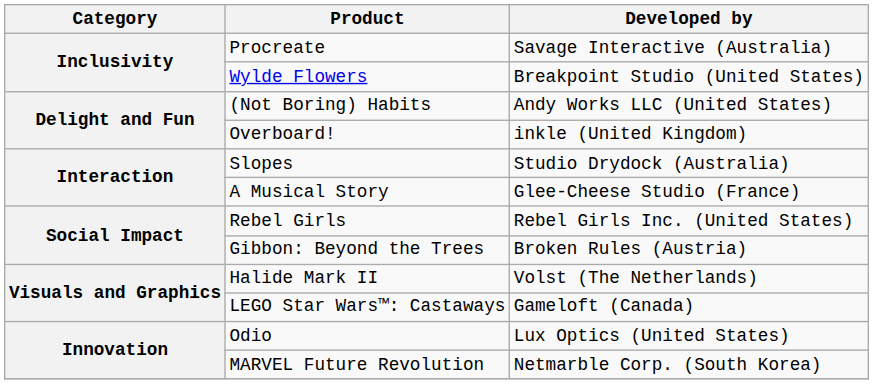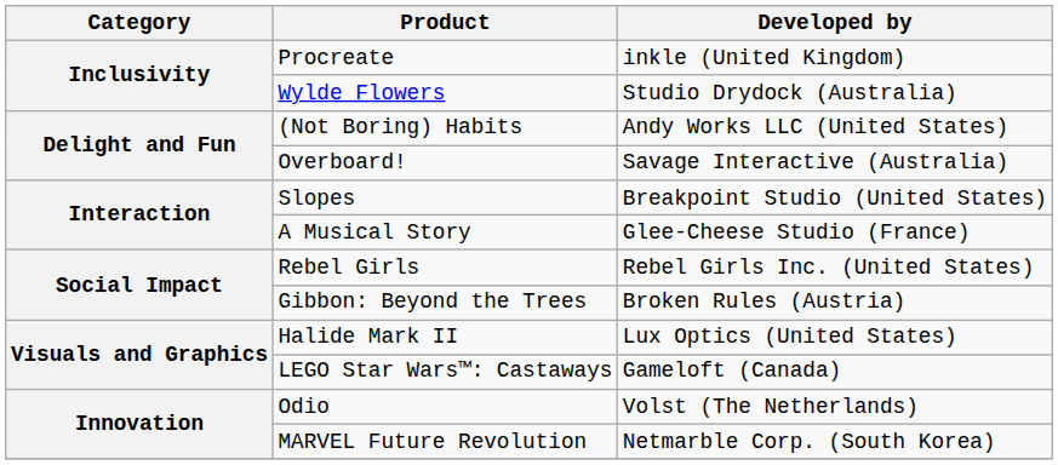 <table class="wikitable">
 <tr>
 <th>Category</th>
 <th>Product</th>
 <th>Developed by</th>
 </tr>
 <tr>
 <th rowspan="2">Inclusivity</th>
 <td>Procreate</td>
-<td>Savage Interactive (Australia)</td>
+<td>inkle (United Kingdom)</td>
 </tr>
 <tr>
 <td><a href='#'>Wylde Flowers</a></td>
-<td>Breakpoint Studio (United States)</td>
+<td>Studio Drydock (Australia)</td>
 </tr>
 <tr>
 <th rowspan="2">Delight and Fun</th>
 <td>(Not Boring) Habits</td>
 <td>Andy Works LLC (United States)</td>
 </tr>
 <tr>
 <td>Overboard!</td>
-<td>inkle (United Kingdom)</td>
+<td>Savage Interactive (Australia)</td>
 </tr>
 <tr>
 <th rowspan="2">Interaction</th>
 <td>Slopes</td>
-<td>Studio Drydock (Australia)</td>
+<td>Breakpoint Studio (United States)</td>
 </tr>
 <tr>
 <td>A Musical Story</td>
 <td>Glee-Cheese Studio (France)</td>
 </tr>
 <tr>
 <th rowspan="2">Social Impact</th>
 <td>Rebel Girls</td>
 <td>Rebel Girls Inc. (United States)</td>
 </tr>
 <tr>
 <td>Gibbon: Beyond the Trees</td>
 <td>Broken Rules (Austria)</td>
 </tr>
 <tr>
 <th rowspan="2">Visuals and Graphics</th>
 <td>Halide Mark II</td>
-<td>Volst (The Netherlands)</td>
+<td>Lux Optics (United States)</td>
 </tr>
 <tr>
 <td>LEGO Star Wars™: Castaways</td>
 <td>Gameloft (Canada)</td>
 </tr>
 <tr>
 <th rowspan="2">Innovation</th>
 <td>Odio</td>
-<td>Lux Optics (United States)</td>
+<td>Volst (The Netherlands)</td>
 </tr>
 <tr>
 <td>MARVEL Future Revolution</td>
 <td>Netmarble Corp. (South Korea)</td>
 </tr>
 <tr>
 </tr>
 </table>
